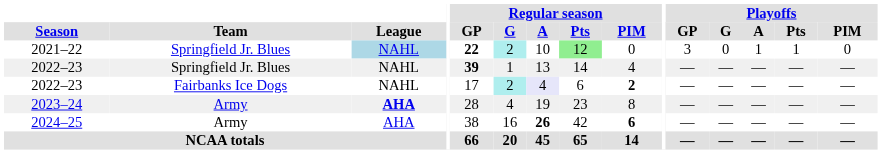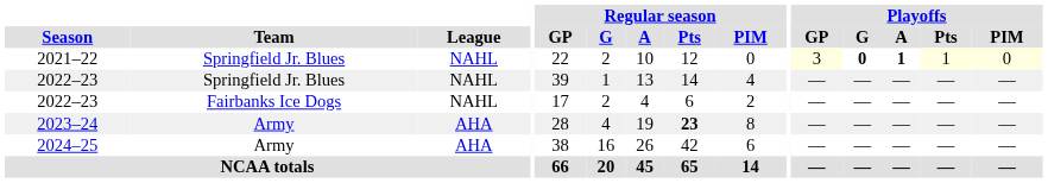 <table border="0" cellpadding="1" cellspacing="0" style="text-align:center; width:60em">
 <tr bgcolor="#e0e0e0">
 <th colspan="3" bgcolor="#ffffff"></th>
 <th rowspan="100" bgcolor="#ffffff"></th>
 <th colspan="5"><a href='#'>Regular season</a></th>
 <th rowspan="100" bgcolor="#ffffff"></th>
 <th colspan="5"><a href='#'>Playoffs</a></th>
 </tr>
 <tr bgcolor="#e0e0e0">
 <th><a href='#'>Season</a></th>
 <th>Team</th>
 <th>League</th>
 <th>GP</th>
 <th><a href='#'>G</a></th>
 <th><a href='#'>A</a></th>
 <th><a href='#'>Pts</a></th>
 <th><a href='#'>PIM</a></th>
 <th>GP</th>
 <th>G</th>
 <th>A</th>
 <th>Pts</th>
 <th>PIM</th>
 </tr>
 <tr>
 <td>2021–22</td>
 <td><a href='#'>Springfield Jr. Blues</a></td>
-<td style="background: lightblue;"><a href='#'>NAHL</a></td>
-<td><strong>22</strong></td>
-<td style="background: paleturquoise;">2</td>
+<td><a href='#'>NAHL</a></td>
+<td>22</td>
+<td>2</td>
 <td>10</td>
-<td style="background: lightgreen;">12</td>
+<td>12</td>
 <td>0</td>
-<td>3</td>
-<td>0</td>
-<td>1</td>
-<td>1</td>
-<td>0</td>
+<td style="background: lightyellow;">3</td>
+<td><strong>0</strong></td>
+<td><strong>1</strong></td>
+<td style="background: lightyellow;">1</td>
+<td style="background: lightyellow;">0</td>
 </tr>
 <tr bgcolor="#f0f0f0">
 <td>2022–23</td>
 <td>Springfield Jr. Blues</td>
 <td>NAHL</td>
-<td><strong>39</strong></td>
+<td>39</td>
 <td>1</td>
 <td>13</td>
 <td>14</td>
 <td>4</td>
 <td>—</td>
 <td>—</td>
 <td>—</td>
 <td>—</td>
 <td>—</td>
 </tr>
 <tr>
 <td>2022–23</td>
 <td><a href='#'>Fairbanks Ice Dogs</a></td>
 <td>NAHL</td>
 <td>17</td>
-<td style="background: paleturquoise;">2</td>
-<td style="background: lavender;">4</td>
+<td>2</td>
+<td>4</td>
 <td>6</td>
-<td><strong>2</strong></td>
+<td>2</td>
 <td>—</td>
 <td>—</td>
 <td>—</td>
 <td>—</td>
 <td>—</td>
 </tr>
 <tr bgcolor="#f0f0f0">
 <td><a href='#'>2023–24</a></td>
 <td><a href='#'>Army</a></td>
-<td><strong><a href='#'>AHA</a></strong></td>
+<td><a href='#'>AHA</a></td>
 <td>28</td>
 <td>4</td>
 <td>19</td>
-<td>23</td>
+<td><strong>23</strong></td>
 <td>8</td>
 <td>—</td>
 <td>—</td>
 <td>—</td>
 <td>—</td>
 <td>—</td>
 </tr>
 <tr>
 <td><a href='#'>2024–25</a></td>
 <td>Army</td>
 <td><a href='#'>AHA</a></td>
 <td>38</td>
 <td>16</td>
-<td><strong>26</strong></td>
+<td>26</td>
 <td>42</td>
-<td><strong>6</strong></td>
+<td>6</td>
 <td>—</td>
 <td>—</td>
 <td>—</td>
 <td>—</td>
 <td>—</td>
 </tr>
 <tr bgcolor="#e0e0e0">
 <th colspan="3">NCAA totals</th>
 <th>66</th>
 <th>20</th>
 <th>45</th>
 <th>65</th>
 <th>14</th>
 <th>—</th>
 <th>—</th>
 <th>—</th>
 <th>—</th>
 <th>—</th>
 </tr>
 </table>
